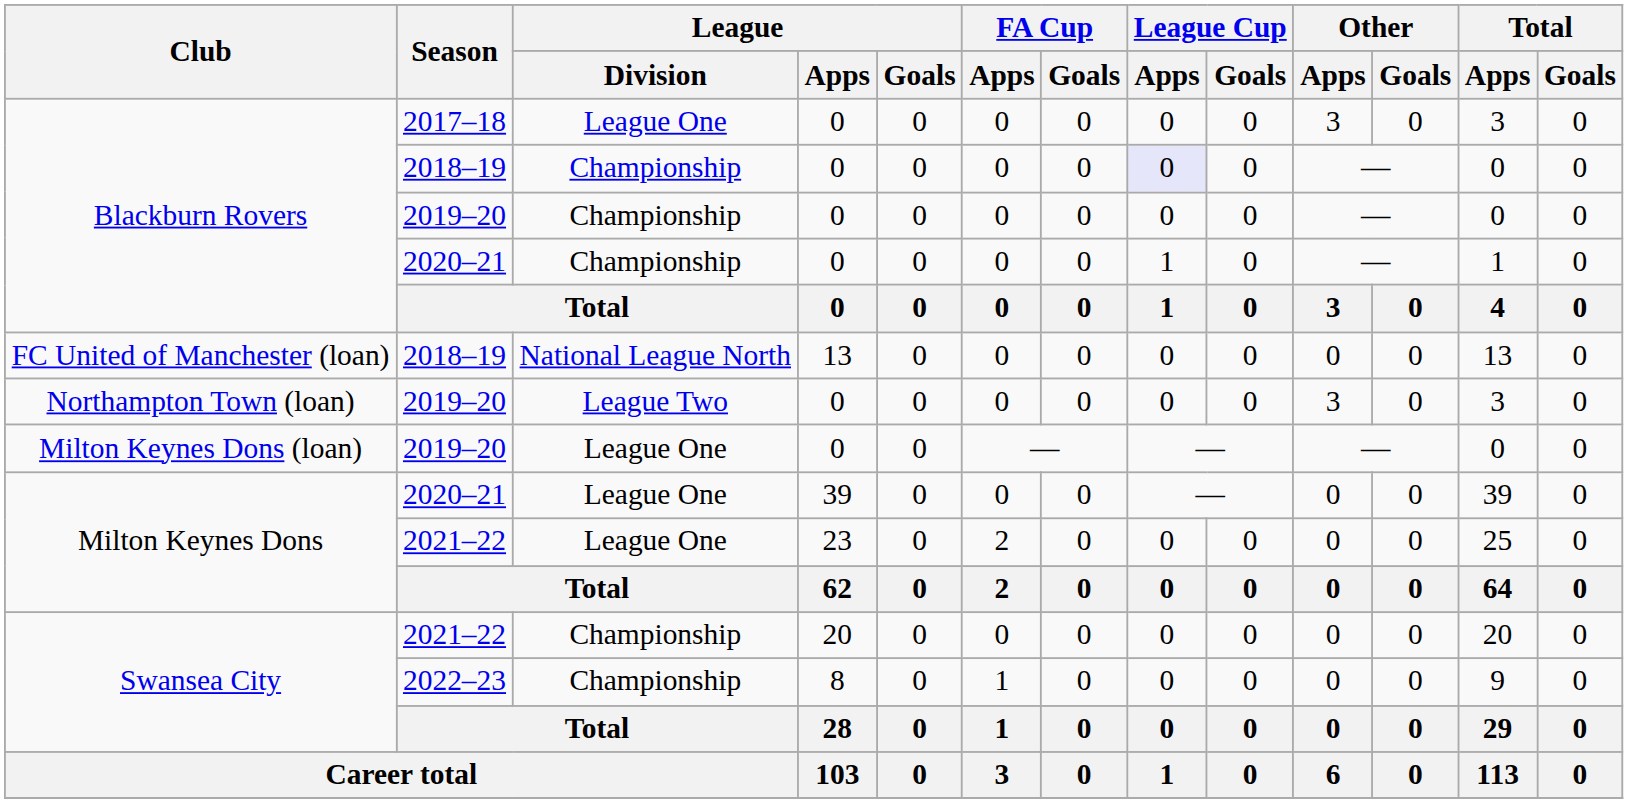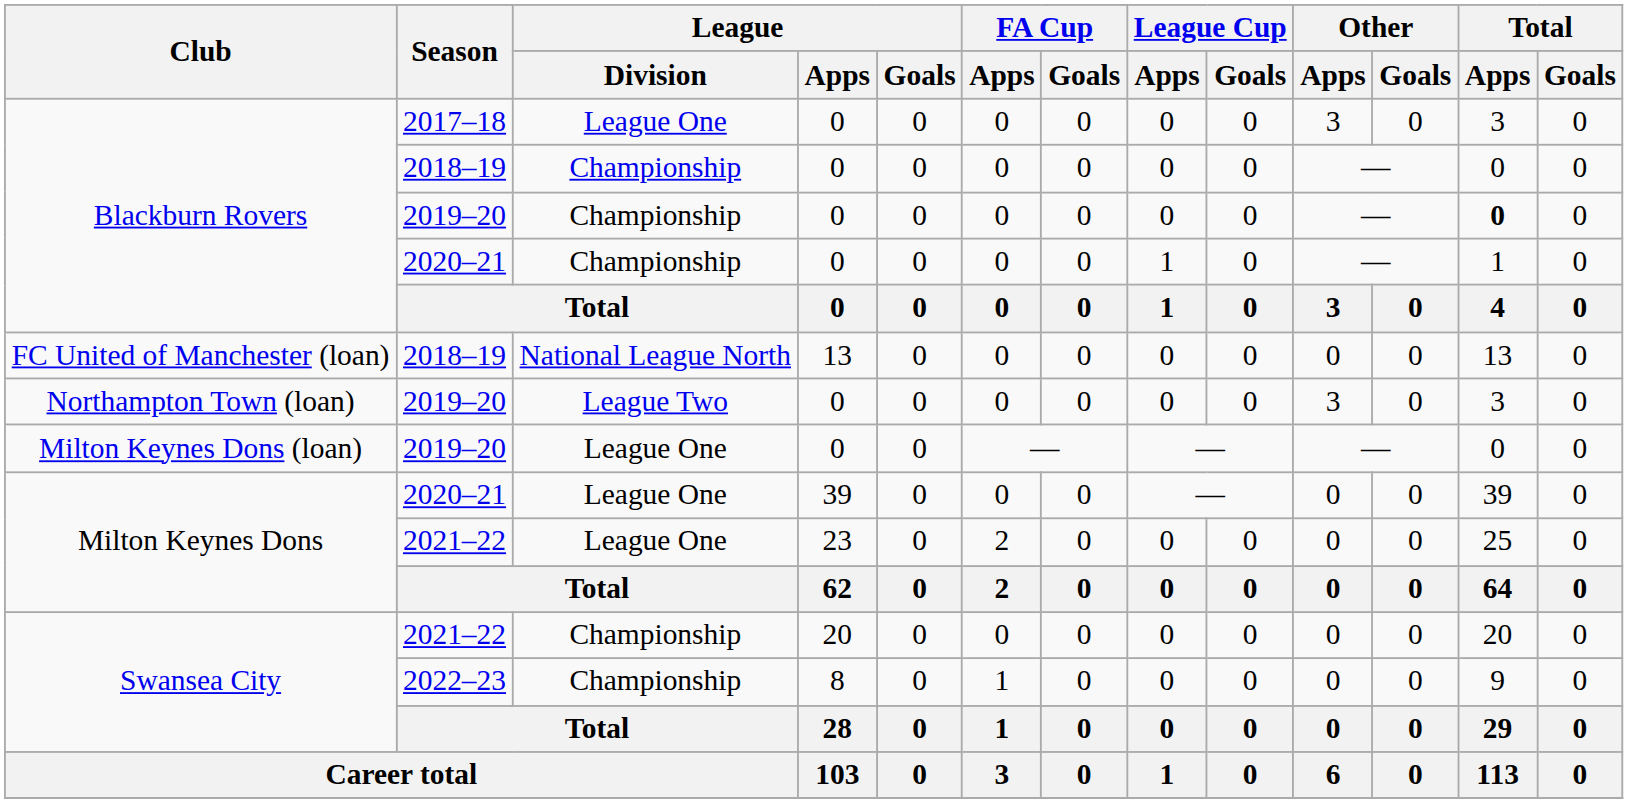 <table class="wikitable" style="text-align: center;">
 <tr>
 <th rowspan="2">Club</th>
 <th rowspan="2">Season</th>
 <th colspan="3">League</th>
 <th colspan="2"><a href='#'>FA Cup</a></th>
 <th colspan="2"><a href='#'>League Cup</a></th>
 <th colspan="2">Other</th>
 <th colspan="2">Total</th>
 </tr>
 <tr>
 <th>Division</th>
 <th>Apps</th>
 <th>Goals</th>
 <th>Apps</th>
 <th>Goals</th>
 <th>Apps</th>
 <th>Goals</th>
 <th>Apps</th>
 <th>Goals</th>
 <th>Apps</th>
 <th>Goals</th>
 </tr>
 <tr>
 <td rowspan="5"><a href='#'>Blackburn Rovers</a></td>
 <td><a href='#'>2017–18</a></td>
 <td><a href='#'>League One</a></td>
 <td>0</td>
 <td>0</td>
 <td>0</td>
 <td>0</td>
 <td>0</td>
 <td>0</td>
 <td>3</td>
 <td>0</td>
 <td>3</td>
 <td>0</td>
 </tr>
 <tr>
 <td><a href='#'>2018–19</a></td>
 <td><a href='#'>Championship</a></td>
 <td>0</td>
 <td>0</td>
 <td>0</td>
 <td>0</td>
-<td style="background: lavender;">0</td>
+<td>0</td>
 <td>0</td>
 <td colspan="2">—</td>
 <td>0</td>
 <td>0</td>
 </tr>
 <tr>
 <td><a href='#'>2019–20</a></td>
 <td>Championship</td>
 <td>0</td>
 <td>0</td>
 <td>0</td>
 <td>0</td>
 <td>0</td>
 <td>0</td>
 <td colspan="2">—</td>
-<td>0</td>
+<td><strong>0</strong></td>
 <td>0</td>
 </tr>
 <tr>
 <td><a href='#'>2020–21</a></td>
 <td>Championship</td>
 <td>0</td>
 <td>0</td>
 <td>0</td>
 <td>0</td>
 <td>1</td>
 <td>0</td>
 <td colspan="2">—</td>
 <td>1</td>
 <td>0</td>
 </tr>
 <tr>
 <th colspan="2">Total</th>
 <th>0</th>
 <th>0</th>
 <th>0</th>
 <th>0</th>
 <th>1</th>
 <th>0</th>
 <th>3</th>
 <th>0</th>
 <th>4</th>
 <th>0</th>
 </tr>
 <tr>
 <td><a href='#'>FC United of Manchester</a>  (loan)</td>
 <td><a href='#'>2018–19</a></td>
 <td><a href='#'>National League North</a></td>
 <td>13</td>
 <td>0</td>
 <td>0</td>
 <td>0</td>
 <td>0</td>
 <td>0</td>
 <td>0</td>
 <td>0</td>
 <td>13</td>
 <td>0</td>
 </tr>
 <tr>
 <td><a href='#'>Northampton Town</a>  (loan)</td>
 <td><a href='#'>2019–20</a></td>
 <td><a href='#'>League Two</a></td>
 <td>0</td>
 <td>0</td>
 <td>0</td>
 <td>0</td>
 <td>0</td>
 <td>0</td>
 <td>3</td>
 <td>0</td>
 <td>3</td>
 <td>0</td>
 </tr>
 <tr>
 <td><a href='#'>Milton Keynes Dons</a> (loan)</td>
 <td><a href='#'>2019–20</a></td>
 <td>League One</td>
 <td>0</td>
 <td>0</td>
 <td colspan="2">—</td>
 <td colspan="2">—</td>
 <td colspan="2">—</td>
 <td>0</td>
 <td>0</td>
 </tr>
 <tr>
 <td rowspan="3">Milton Keynes Dons</td>
 <td><a href='#'>2020–21</a></td>
 <td>League One</td>
 <td>39</td>
 <td>0</td>
 <td>0</td>
 <td>0</td>
 <td colspan="2">—</td>
 <td>0</td>
 <td>0</td>
 <td>39</td>
 <td>0</td>
 </tr>
 <tr>
 <td><a href='#'>2021–22</a></td>
 <td>League One</td>
 <td>23</td>
 <td>0</td>
 <td>2</td>
 <td>0</td>
 <td>0</td>
 <td>0</td>
 <td>0</td>
 <td>0</td>
 <td>25</td>
 <td>0</td>
 </tr>
 <tr>
 <th colspan="2">Total</th>
 <th>62</th>
 <th>0</th>
 <th>2</th>
 <th>0</th>
 <th>0</th>
 <th>0</th>
 <th>0</th>
 <th>0</th>
 <th>64</th>
 <th>0</th>
 </tr>
 <tr>
 <td rowspan="3"><a href='#'>Swansea City</a></td>
 <td><a href='#'>2021–22</a></td>
 <td>Championship</td>
 <td>20</td>
 <td>0</td>
 <td>0</td>
 <td>0</td>
 <td>0</td>
 <td>0</td>
 <td>0</td>
 <td>0</td>
 <td>20</td>
 <td>0</td>
 </tr>
 <tr>
 <td><a href='#'>2022–23</a></td>
 <td>Championship</td>
 <td>8</td>
 <td>0</td>
 <td>1</td>
 <td>0</td>
 <td>0</td>
 <td>0</td>
 <td>0</td>
 <td>0</td>
 <td>9</td>
 <td>0</td>
 </tr>
 <tr>
 <th colspan="2">Total</th>
 <th>28</th>
 <th>0</th>
 <th>1</th>
 <th>0</th>
 <th>0</th>
 <th>0</th>
 <th>0</th>
 <th>0</th>
 <th>29</th>
 <th>0</th>
 </tr>
 <tr>
 <th colspan="3">Career total</th>
 <th>103</th>
 <th>0</th>
 <th>3</th>
 <th>0</th>
 <th>1</th>
 <th>0</th>
 <th>6</th>
 <th>0</th>
 <th>113</th>
 <th>0</th>
 </tr>
 <tr>
 </tr>
 </table>
